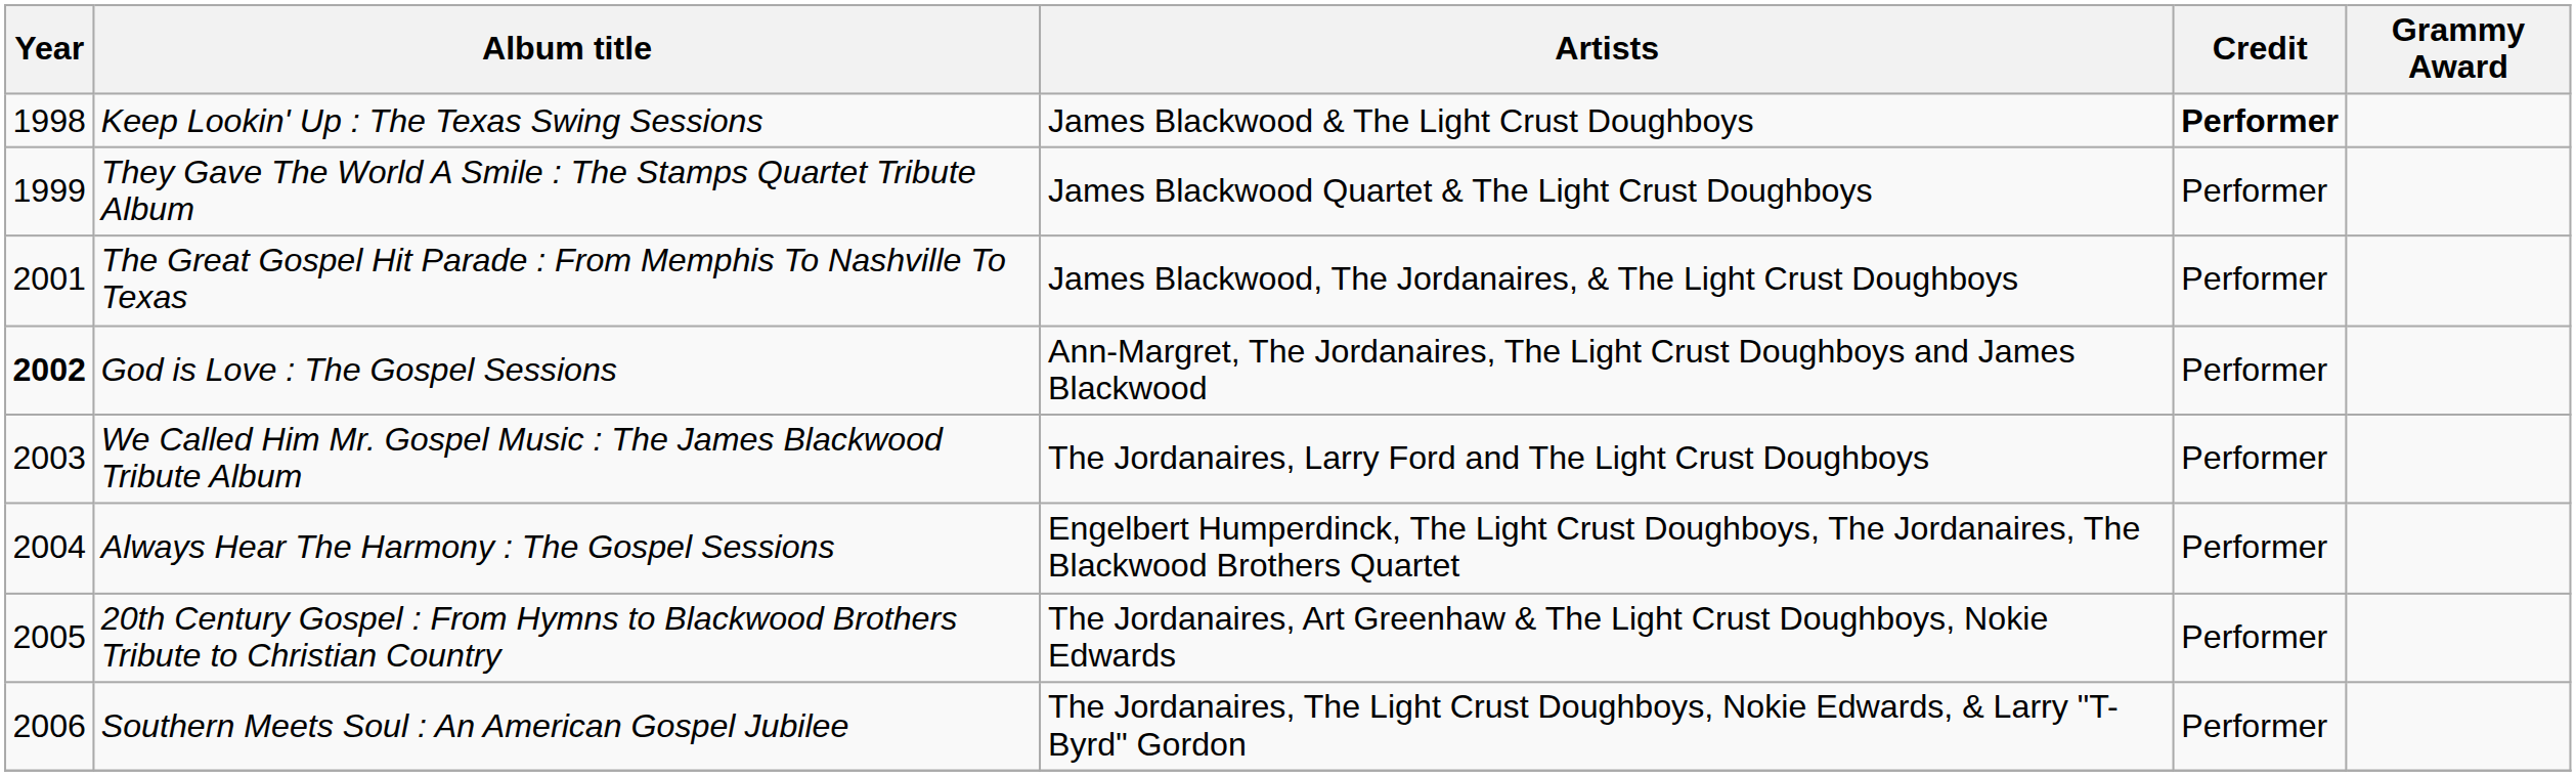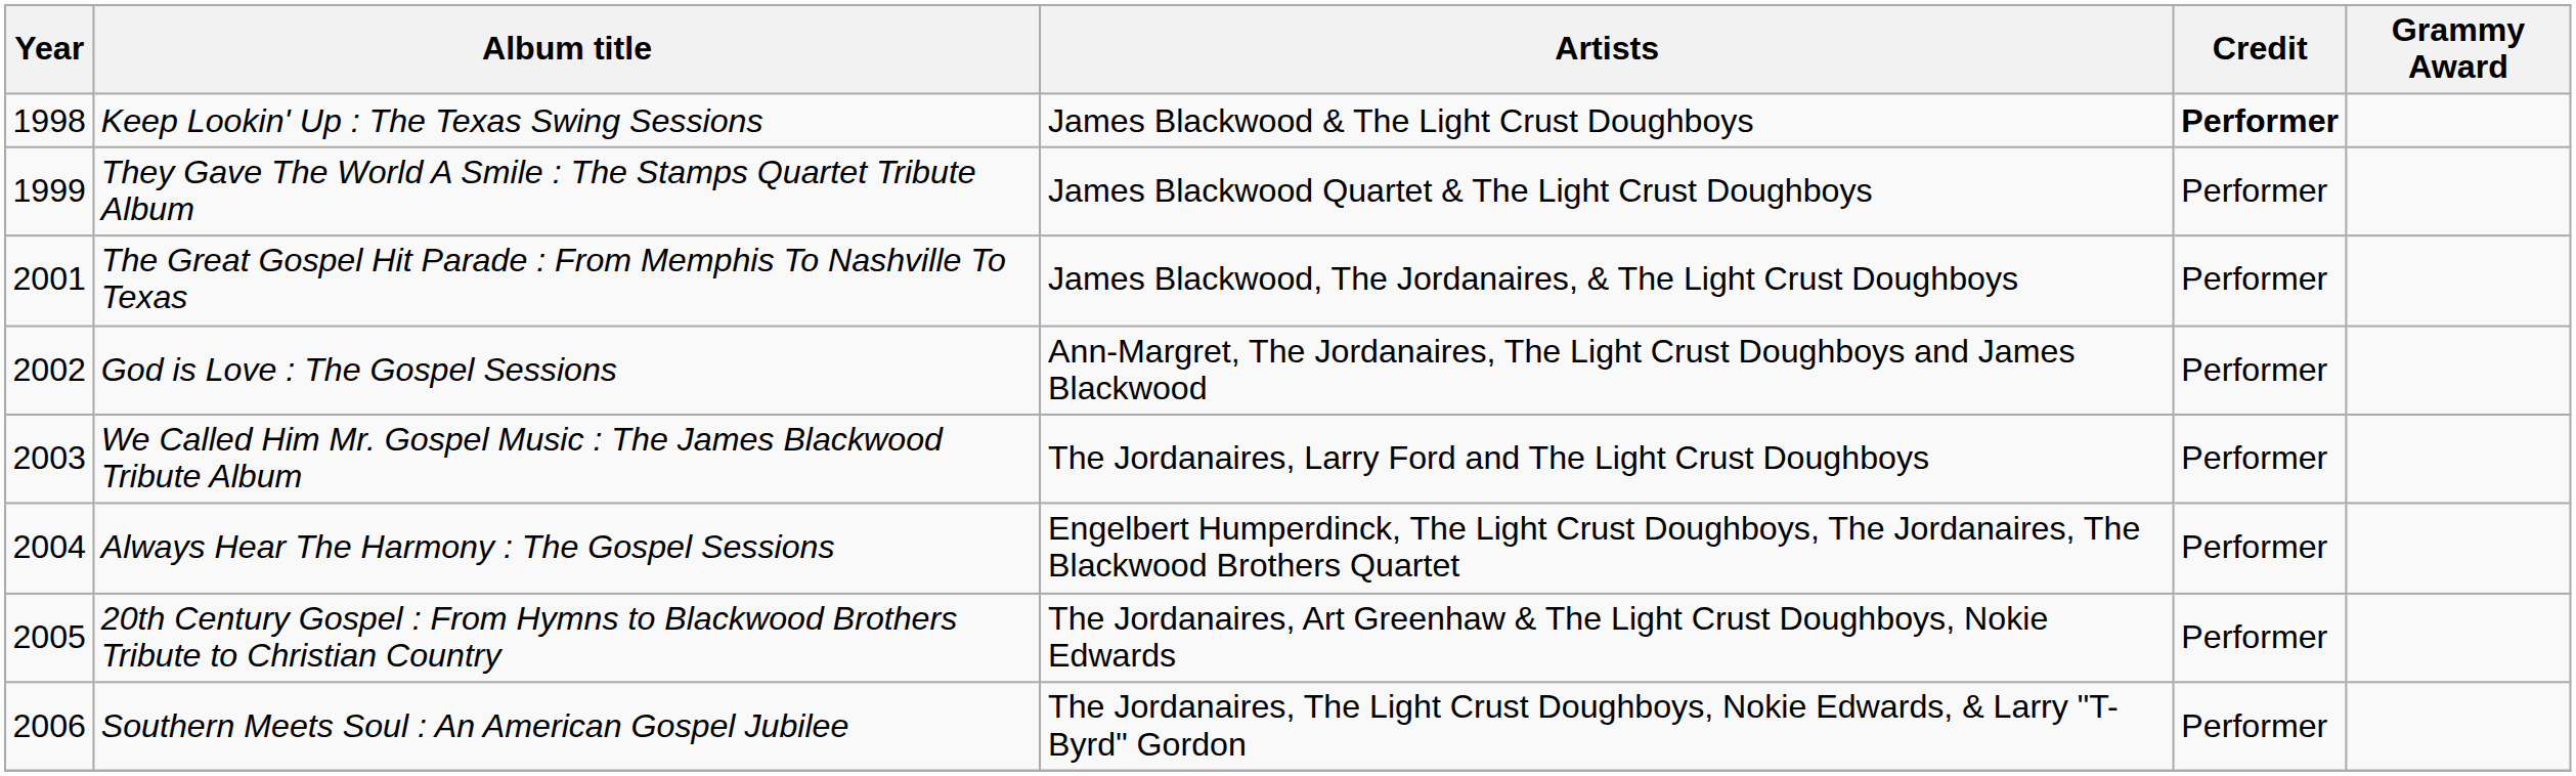 <table class="wikitable">
 <tr>
 <th>Year</th>
 <th>Album title</th>
 <th>Artists</th>
 <th>Credit</th>
 <th>Grammy Award</th>
 </tr>
 <tr>
 <td>1998</td>
 <td><em>Keep Lookin' Up : The Texas Swing Sessions </em></td>
 <td>James Blackwood & The Light Crust Doughboys</td>
 <td><strong>Performer</strong></td>
 <td></td>
 </tr>
 <tr>
 <td>1999</td>
 <td><em>They Gave The World A Smile : The Stamps Quartet Tribute Album</em></td>
 <td>James Blackwood Quartet & The Light Crust Doughboys</td>
 <td>Performer</td>
 <td></td>
 </tr>
 <tr>
 <td>2001</td>
 <td><em>The Great Gospel Hit Parade : From Memphis To Nashville To Texas</em></td>
 <td>James Blackwood, The Jordanaires, & The Light Crust Doughboys</td>
 <td>Performer</td>
 <td></td>
 </tr>
 <tr>
-<td><strong>2002</strong></td>
+<td>2002</td>
 <td><em>God is Love : The Gospel Sessions</em></td>
 <td>Ann-Margret, The Jordanaires, The Light Crust Doughboys and James Blackwood</td>
 <td>Performer</td>
 <td></td>
 </tr>
 <tr>
 <td>2003</td>
 <td><em>We Called Him Mr. Gospel Music : The James Blackwood Tribute Album</em></td>
 <td>The Jordanaires, Larry Ford and The Light Crust Doughboys</td>
 <td>Performer</td>
 <td></td>
 </tr>
 <tr>
 <td>2004</td>
 <td><em>Always Hear The Harmony : The Gospel Sessions</em></td>
 <td>Engelbert Humperdinck, The Light Crust Doughboys, The Jordanaires, The Blackwood Brothers Quartet</td>
 <td>Performer</td>
 <td></td>
 </tr>
 <tr>
 <td>2005</td>
 <td><em>20th Century Gospel : From Hymns to Blackwood Brothers Tribute to Christian Country</em></td>
 <td>The Jordanaires, Art Greenhaw & The Light Crust Doughboys, Nokie Edwards</td>
 <td>Performer</td>
 <td></td>
 </tr>
 <tr>
 <td>2006</td>
 <td><em>Southern Meets Soul : An American Gospel Jubilee</em></td>
 <td>The Jordanaires, The Light Crust Doughboys, Nokie Edwards, & Larry "T-Byrd" Gordon</td>
 <td>Performer</td>
 <td></td>
 </tr>
 <tr>
 </tr>
 </table>
